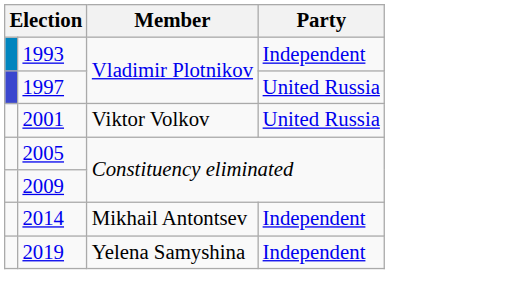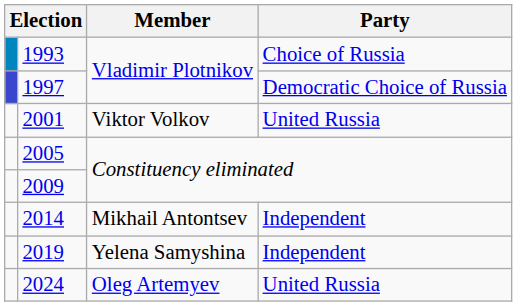 <table class="wikitable">
 <tr>
 <th colspan="2">Election</th>
 <th>Member</th>
 <th>Party</th>
 </tr>
 <tr>
 <td style="background-color:#0085BE"></td>
 <td><a href='#'>1993</a></td>
 <td rowspan=2><a href='#'>Vladimir Plotnikov</a></td>
-<td><a href='#'>Independent</a></td>
+<td><a href='#'>Choice of Russia</a></td>
 </tr>
 <tr>
 <td style="background-color:#3A46CE"></td>
 <td><a href='#'>1997</a></td>
-<td><a href='#'>United Russia</a></td>
+<td><a href='#'>Democratic Choice of Russia</a></td>
 </tr>
 <tr>
 <td style="background-color:"></td>
 <td><a href='#'>2001</a></td>
 <td>Viktor Volkov</td>
 <td><a href='#'>United Russia</a></td>
 </tr>
 <tr>
 <td style="background-color:"></td>
 <td><a href='#'>2005</a></td>
 <td colspan=2 rowspan=2><em>Constituency eliminated</em></td>
 </tr>
 <tr>
 <td style="background-color:"></td>
 <td><a href='#'>2009</a></td>
 </tr>
 <tr>
 <td style="background-color:"></td>
 <td><a href='#'>2014</a></td>
 <td>Mikhail Antontsev</td>
 <td><a href='#'>Independent</a></td>
 </tr>
 <tr>
 <td style="background-color:"></td>
 <td><a href='#'>2019</a></td>
 <td>Yelena Samyshina</td>
 <td><a href='#'>Independent</a></td>
 </tr>
+<tr>
+<td style="background-color:"></td>
+<td><a href='#'>2024</a></td>
+<td><a href='#'>Oleg Artemyev</a></td>
+<td><a href='#'>United Russia</a></td>
+</tr>
 </table>
